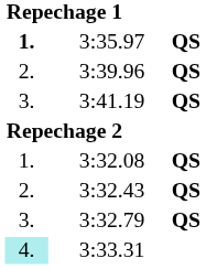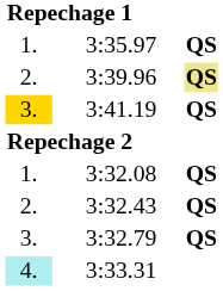 <table style="text-align:center">
 <tr>
 <td colspan=4 align=left><strong>Repechage 1</strong></td>
 </tr>
 <tr>
-<td width=30><strong>1.</strong></td>
+<td width=30>1.</td>
 <td align=left></td>
 <td width=80>3:35.97</td>
 <td><strong>QS</strong></td>
 </tr>
 <tr>
 <td>2.</td>
 <td align=left></td>
 <td>3:39.96</td>
-<td><strong>QS</strong></td>
+<td style="background: khaki;"><strong>QS</strong></td>
 </tr>
 <tr>
-<td>3.</td>
+<td style="background: gold;">3.</td>
 <td align=left></td>
 <td>3:41.19</td>
 <td><strong>QS</strong></td>
 </tr>
 <tr>
 <td colspan=4 align=left><strong>Repechage 2</strong></td>
 </tr>
 <tr>
 <td>1.</td>
 <td align=left></td>
 <td>3:32.08</td>
 <td><strong>QS</strong></td>
 </tr>
 <tr>
 <td>2.</td>
 <td align=left></td>
 <td>3:32.43</td>
 <td><strong>QS</strong></td>
 </tr>
 <tr>
 <td>3.</td>
 <td align=left></td>
 <td>3:32.79</td>
 <td><strong>QS</strong></td>
 </tr>
 <tr>
 <td style="background: paleturquoise;">4.</td>
 <td align=left></td>
 <td>3:33.31</td>
 <td></td>
 </tr>
 </table>
